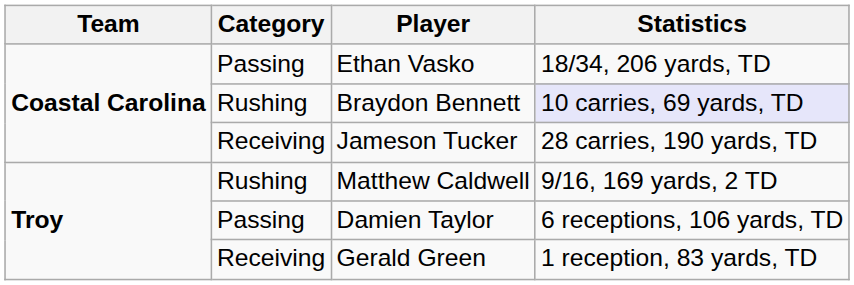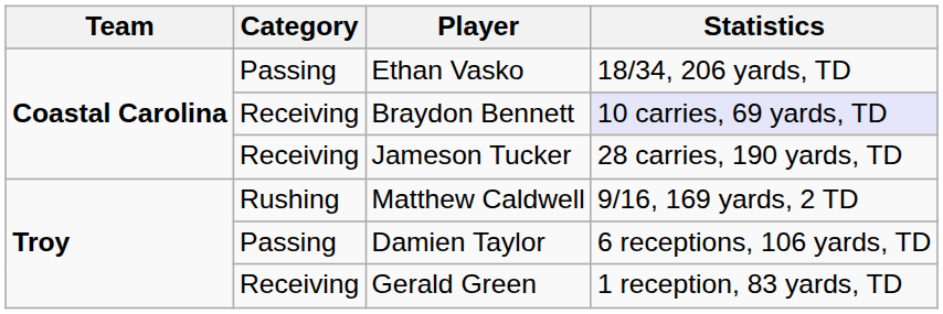 <table class="wikitable" style="float: right;">
 <tr>
 <th>Team</th>
 <th>Category</th>
 <th>Player</th>
 <th>Statistics</th>
 </tr>
 <tr>
 <td rowspan=3><strong>Coastal Carolina</strong></td>
 <td>Passing</td>
 <td>Ethan Vasko</td>
 <td>18/34, 206 yards, TD</td>
 </tr>
 <tr>
-<td>Rushing</td>
+<td>Receiving</td>
 <td>Braydon Bennett</td>
 <td style="background: lavender;">10 carries, 69 yards, TD</td>
 </tr>
 <tr>
 <td>Receiving</td>
 <td>Jameson Tucker</td>
 <td>28 carries, 190 yards, TD</td>
 </tr>
 <tr>
 <td rowspan=3><strong>Troy</strong></td>
 <td>Rushing</td>
 <td>Matthew Caldwell</td>
 <td>9/16, 169 yards, 2 TD</td>
 </tr>
 <tr>
 <td>Passing</td>
 <td>Damien Taylor</td>
 <td>6 receptions, 106 yards, TD</td>
 </tr>
 <tr>
 <td>Receiving</td>
 <td>Gerald Green</td>
 <td>1 reception, 83 yards, TD</td>
 </tr>
 </table>
